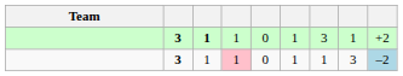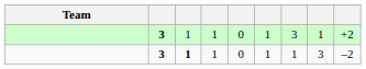 <table class="wikitable" style="text-align: center; font-size: 90%;">
 <tr>
 <th width="165">Team</th>
 <th width="25"></th>
 <th width="25"></th>
 <th width="25"></th>
 <th width="25"></th>
 <th width="25"></th>
 <th width="25"></th>
 <th width="25"></th>
 <th width="25"></th>
 </tr>
 <tr bgcolor=#ccffcc>
 <td align=left></td>
 <td><strong>3</strong></td>
-<td><strong>1</strong></td>
+<td>1</td>
 <td>1</td>
 <td>0</td>
 <td>1</td>
 <td>3</td>
 <td>1</td>
 <td>+2</td>
 </tr>
 <tr>
 <td align=left></td>
 <td><strong>3</strong></td>
+<td><strong>1</strong></td>
 <td>1</td>
-<td style="background: pink;">1</td>
 <td>0</td>
 <td>1</td>
 <td>1</td>
 <td>3</td>
-<td style="background: lightblue;">–2</td>
+<td>–2</td>
 </tr>
 </table>
